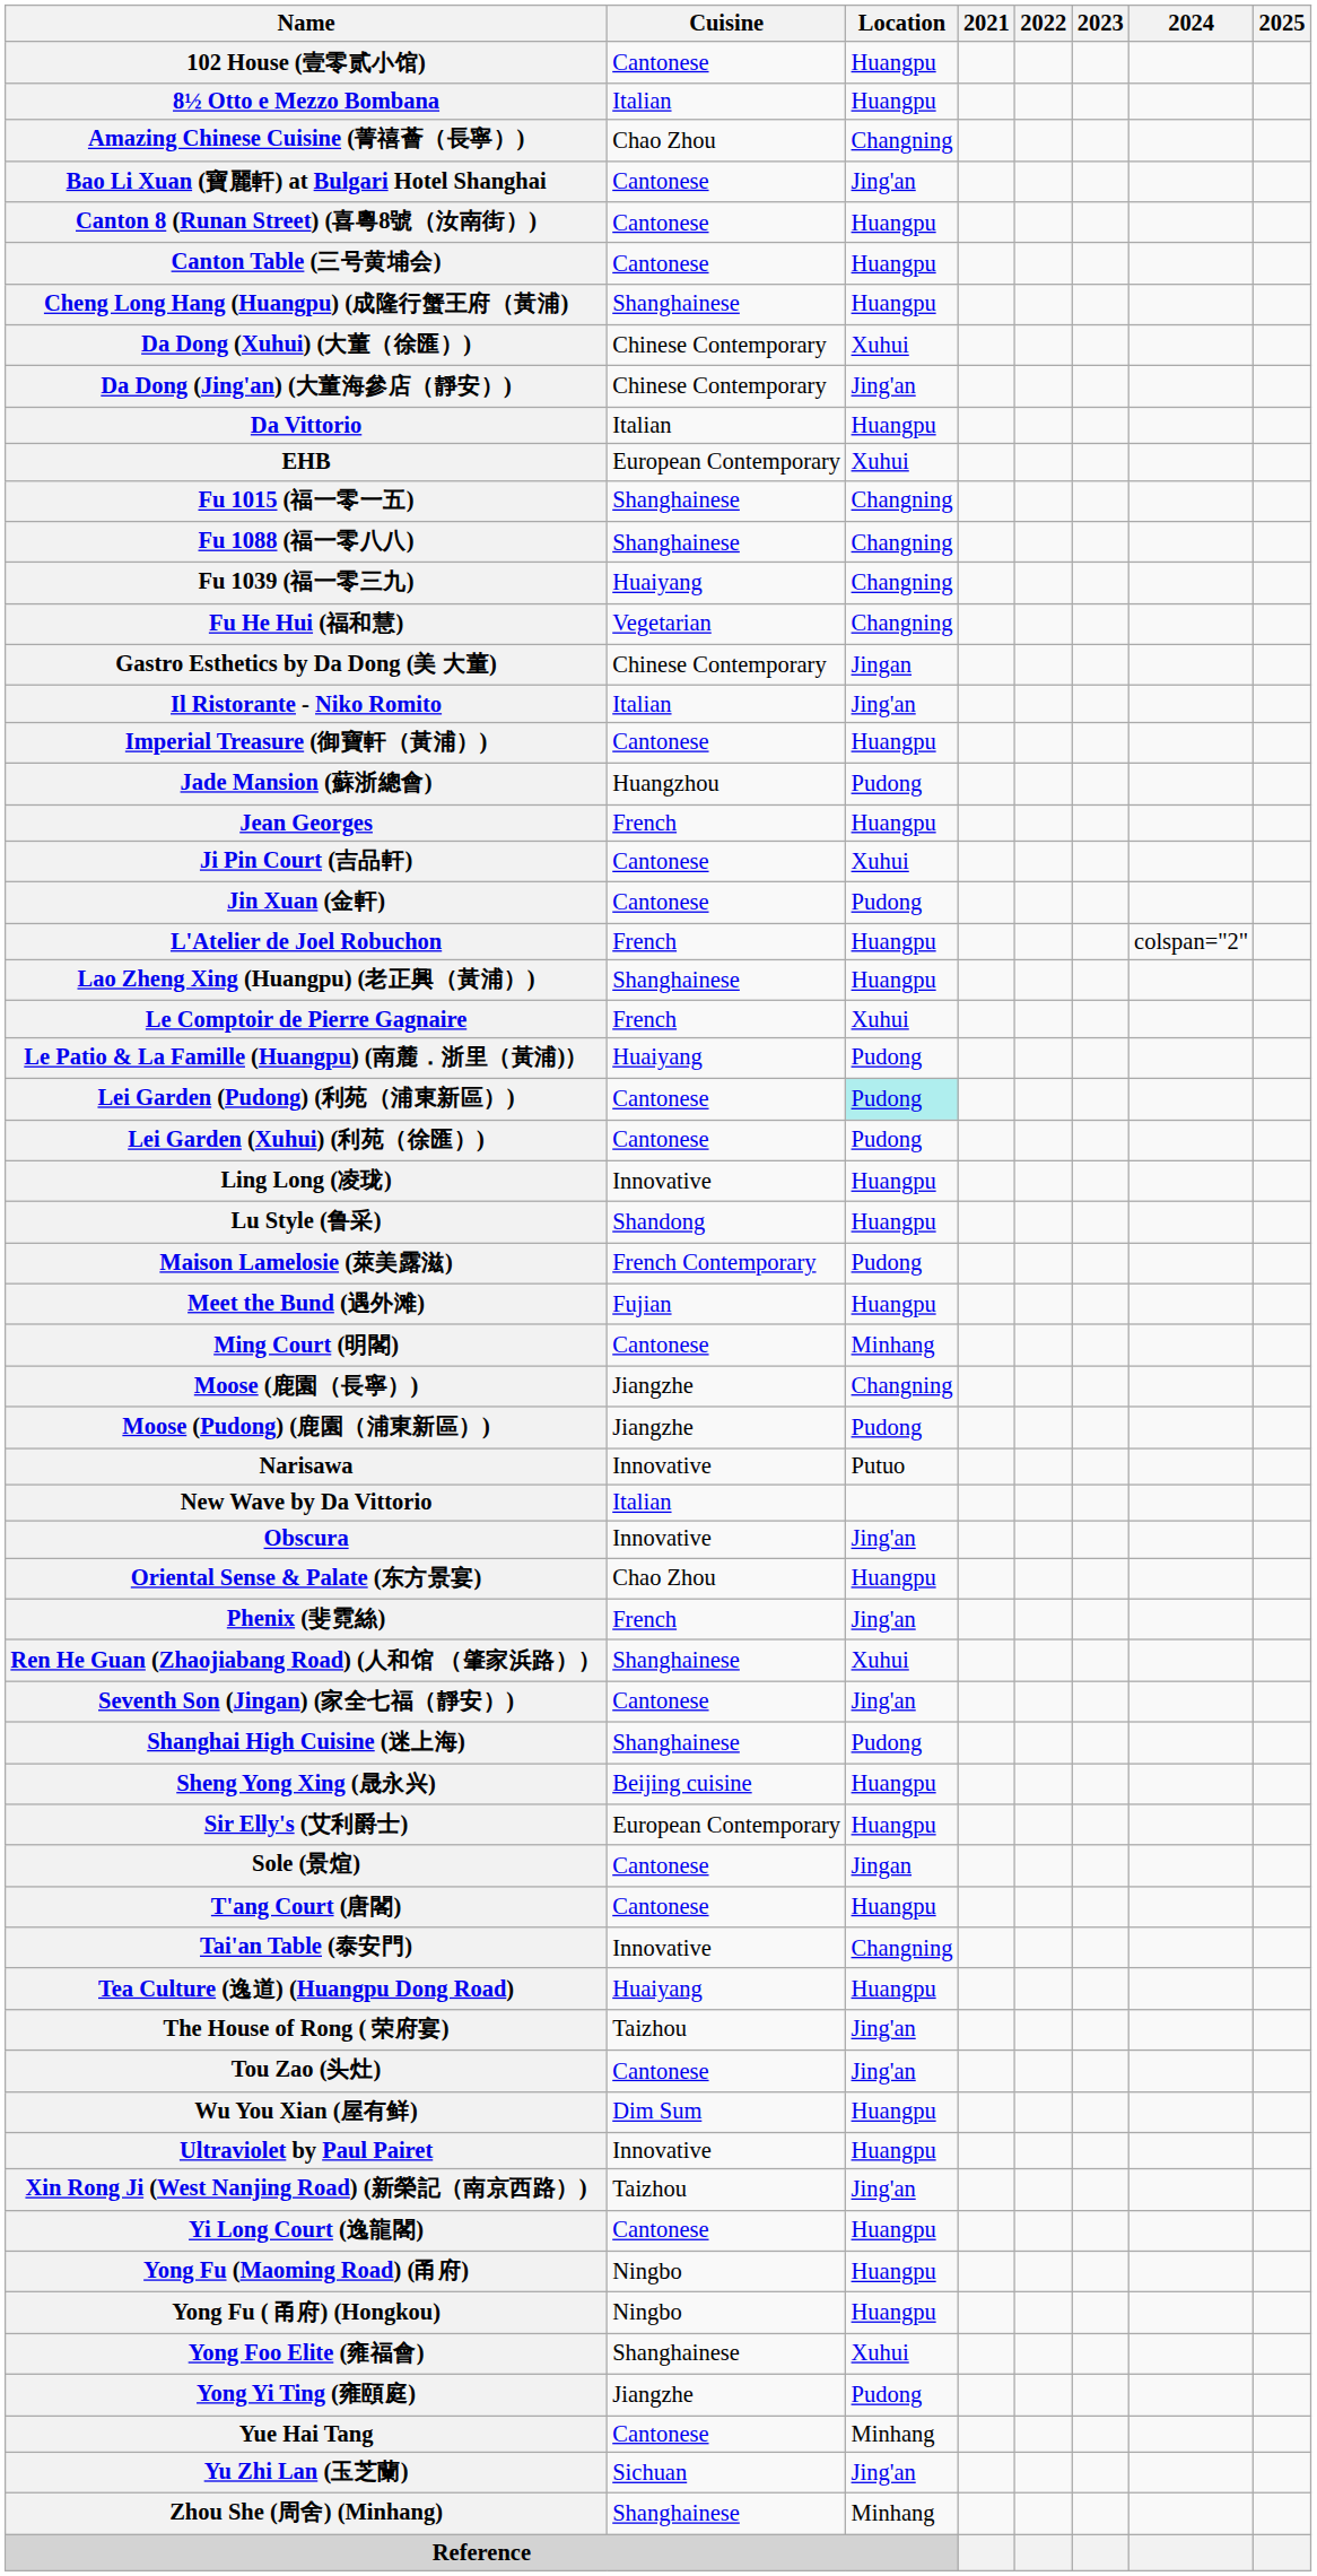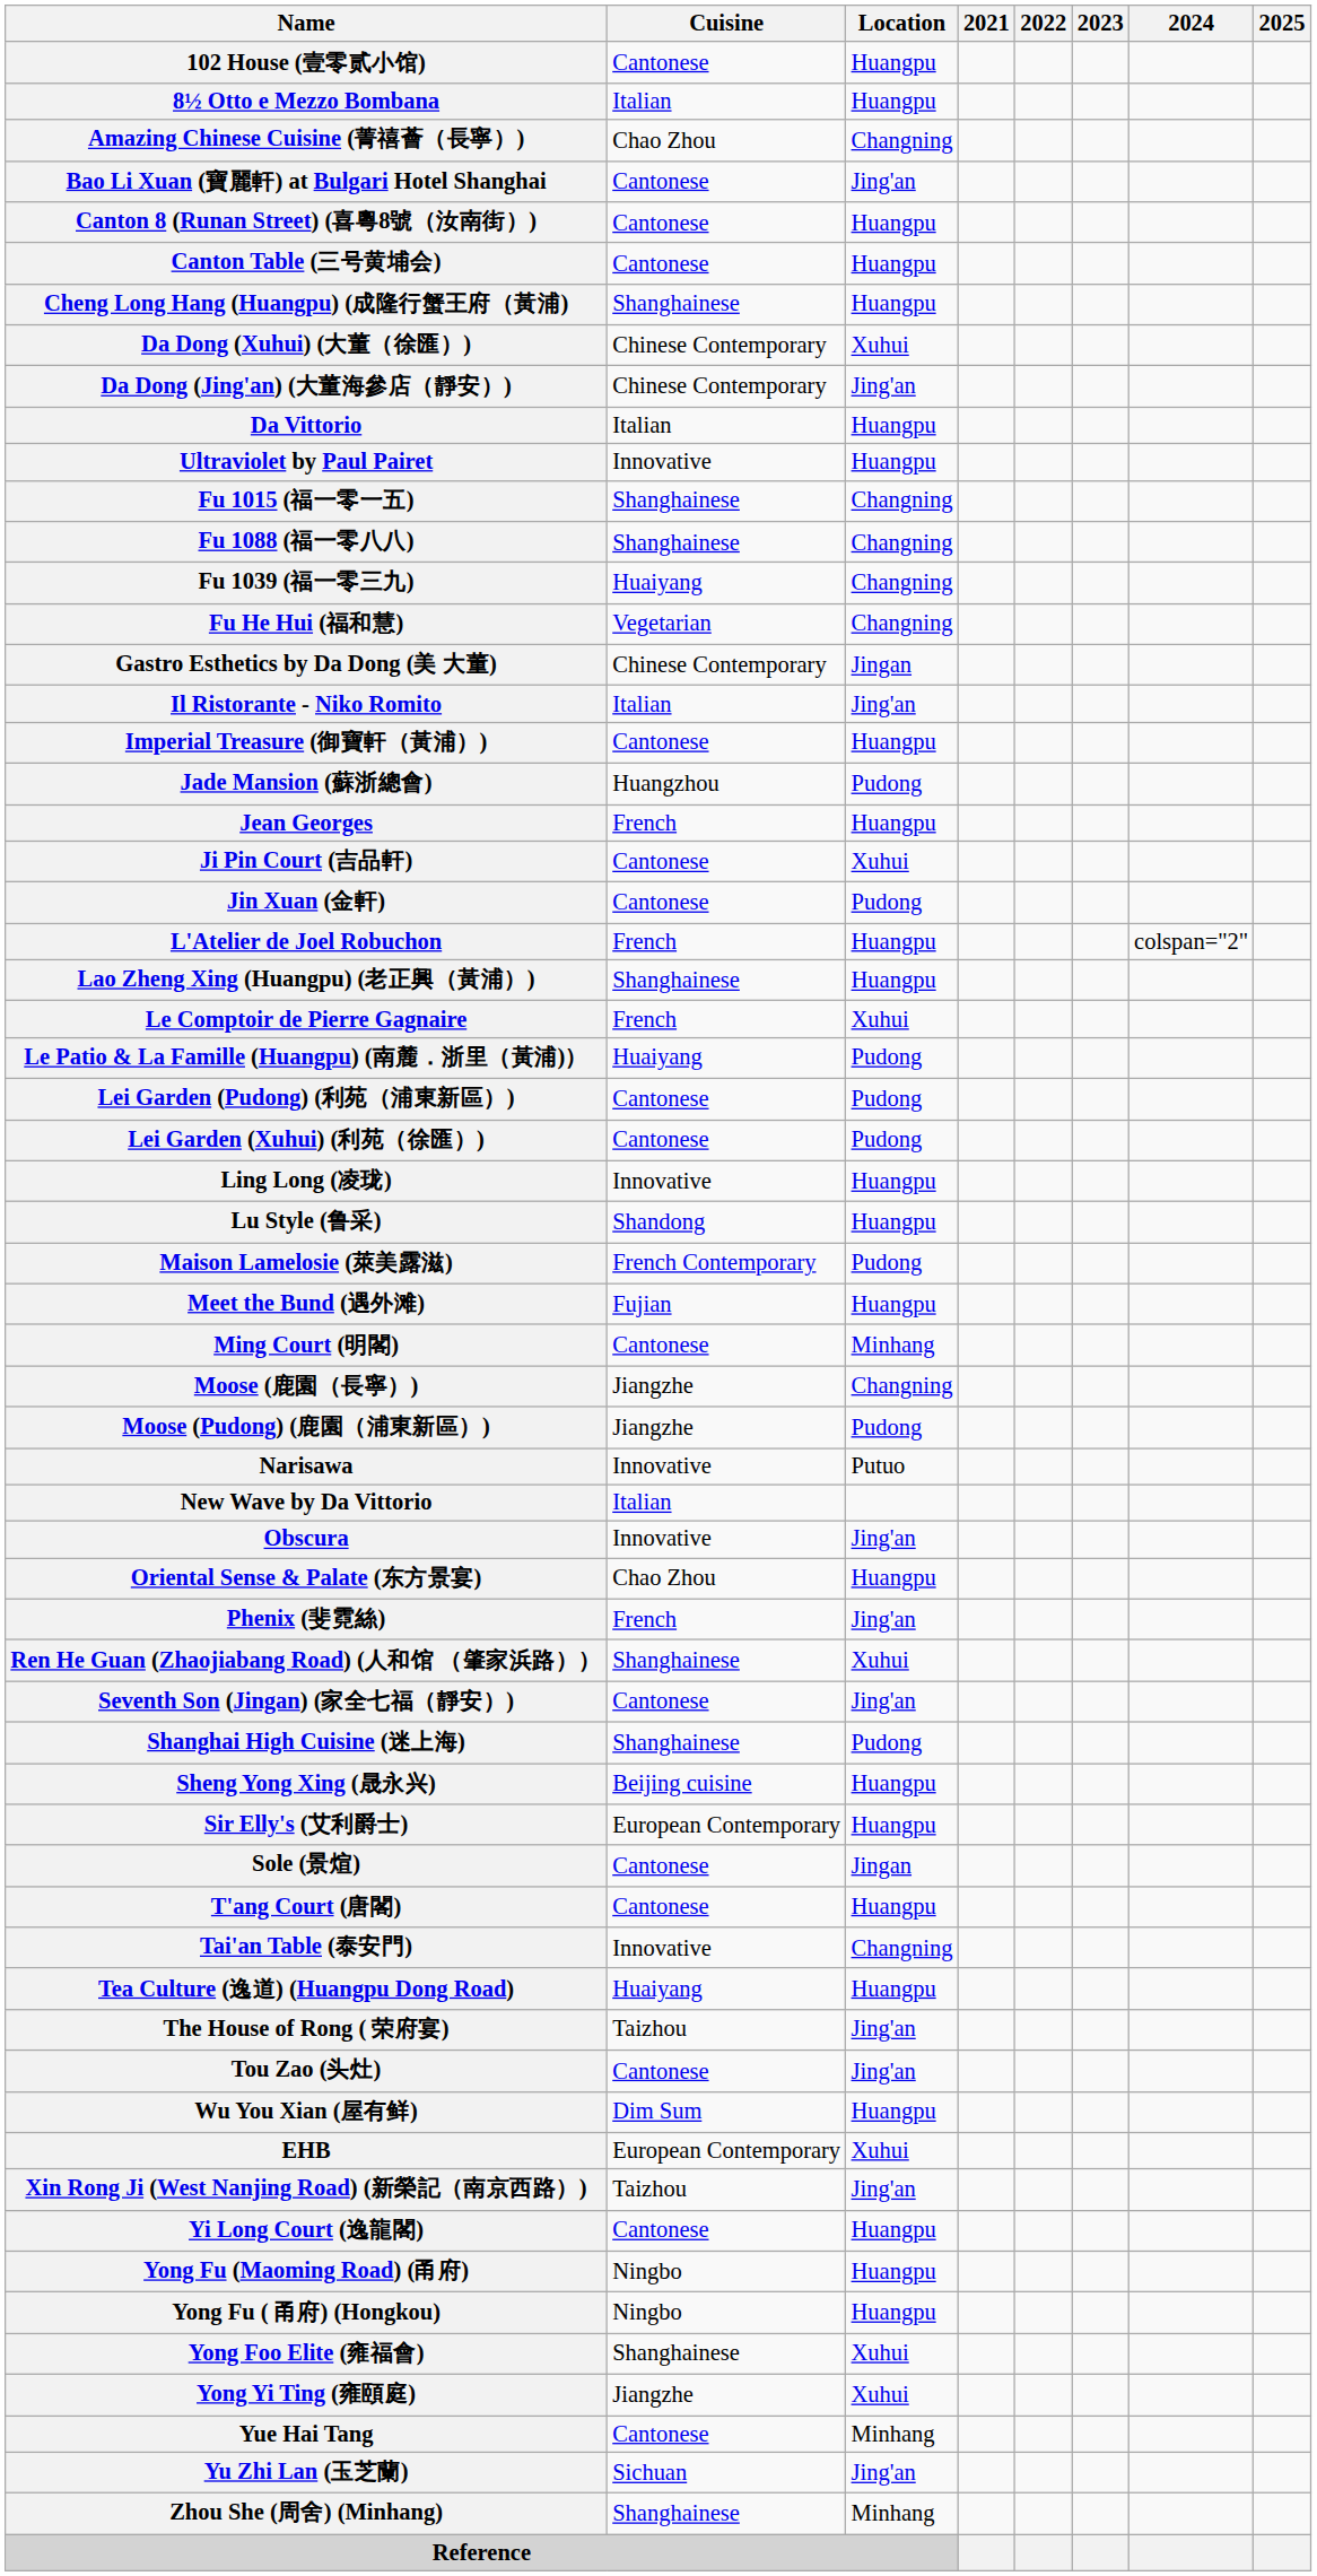 <table class="wikitable sortable plainrowheaders" style="text-align:left;"">
 <tr>
 <th scope="col">Name</th>
 <th scope="col">Cuisine</th>
 <th scope="col">Location</th>
 <th scope="col">2021</th>
 <th scope="col">2022</th>
 <th scope="col">2023</th>
 <th scope="col">2024</th>
 <th scope="col">2025</th>
 </tr>
 <tr>
 <th scope="row">102 House (壹零贰小馆)</th>
 <td><a href='#'>Cantonese</a></td>
 <td><a href='#'>Huangpu</a></td>
 <td></td>
 <td></td>
 <td></td>
 <td></td>
 <td></td>
 </tr>
 <tr>
 <th scope="row"><a href='#'>8½ Otto e Mezzo Bombana</a></th>
 <td><a href='#'>Italian</a></td>
 <td><a href='#'>Huangpu</a></td>
 <td></td>
 <td></td>
 <td></td>
 <td></td>
 <td></td>
 </tr>
 <tr>
 <th scope="row"><a href='#'>Amazing Chinese Cuisine</a>  (菁禧薈（長寧）)</th>
 <td>Chao Zhou</td>
 <td><a href='#'>Changning</a></td>
 <td></td>
 <td></td>
 <td></td>
 <td></td>
 <td></td>
 </tr>
 <tr>
 <th scope="row"><a href='#'>Bao Li Xuan</a> (寶麗軒) at <a href='#'>Bulgari</a> Hotel Shanghai</th>
 <td><a href='#'>Cantonese</a></td>
 <td><a href='#'>Jing'an</a></td>
 <td></td>
 <td></td>
 <td></td>
 <td></td>
 <td></td>
 </tr>
 <tr>
 <th scope="row"><a href='#'>Canton 8</a> (<a href='#'>Runan Street</a>) (喜粵8號（汝南街）)</th>
 <td><a href='#'>Cantonese</a></td>
 <td><a href='#'>Huangpu</a></td>
 <td></td>
 <td></td>
 <td></td>
 <td></td>
 <td></td>
 </tr>
 <tr>
 <th scope="row"><a href='#'>Canton Table</a> (三号黄埔会)</th>
 <td><a href='#'>Cantonese</a></td>
 <td><a href='#'>Huangpu</a></td>
 <td></td>
 <td></td>
 <td></td>
 <td></td>
 <td></td>
 </tr>
 <tr>
 <th scope="row"><a href='#'>Cheng Long Hang</a> (<a href='#'>Huangpu</a>) (成隆行蟹王府（黃浦)</th>
 <td><a href='#'>Shanghainese</a></td>
 <td><a href='#'>Huangpu</a></td>
 <td></td>
 <td></td>
 <td></td>
 <td></td>
 <td></td>
 </tr>
 <tr>
 <th scope="row"><a href='#'>Da Dong</a> (<a href='#'>Xuhui</a>) (大董（徐匯）)</th>
 <td>Chinese Contemporary</td>
 <td><a href='#'>Xuhui</a></td>
 <td></td>
 <td></td>
 <td></td>
 <td></td>
 <td></td>
 </tr>
 <tr>
 <th scope="row"><a href='#'>Da Dong</a> (<a href='#'>Jing'an</a>) (大董海參店（靜安）)</th>
 <td>Chinese Contemporary</td>
 <td><a href='#'>Jing'an</a></td>
 <td></td>
 <td></td>
 <td></td>
 <td></td>
 <td></td>
 </tr>
 <tr>
 <th scope="row"><a href='#'>Da Vittorio</a></th>
 <td>Italian</td>
 <td><a href='#'>Huangpu</a></td>
 <td></td>
 <td></td>
 <td></td>
 <td></td>
 <td></td>
 </tr>
 <tr>
-<th scope="row">EHB</th>
-<td>European Contemporary</td>
-<td><a href='#'>Xuhui</a></td>
+<th scope="row"><a href='#'>Ultraviolet</a> by <a href='#'>Paul Pairet</a></th>
+<td>Innovative</td>
+<td><a href='#'>Huangpu</a></td>
 <td></td>
 <td></td>
 <td></td>
 <td></td>
 <td></td>
 </tr>
 <tr>
 <th scope="row"><a href='#'>Fu 1015</a> (福一零一五)</th>
 <td><a href='#'>Shanghainese</a></td>
 <td><a href='#'>Changning</a></td>
 <td></td>
 <td></td>
 <td></td>
 <td></td>
 <td></td>
 </tr>
 <tr>
 <th scope="row"><a href='#'>Fu 1088</a> (福一零八八)</th>
 <td><a href='#'>Shanghainese</a></td>
 <td><a href='#'>Changning</a></td>
 <td></td>
 <td></td>
 <td></td>
 <td></td>
 <td></td>
 </tr>
 <tr>
 <th scope="row">Fu 1039 (福一零三九)</th>
 <td><a href='#'>Huaiyang</a></td>
 <td><a href='#'>Changning</a></td>
 <td></td>
 <td></td>
 <td></td>
 <td></td>
 <td></td>
 </tr>
 <tr>
 <th scope="row"><a href='#'>Fu He Hui</a> (福和慧)</th>
 <td><a href='#'>Vegetarian</a></td>
 <td><a href='#'>Changning</a></td>
 <td></td>
 <td></td>
 <td></td>
 <td></td>
 <td></td>
 </tr>
 <tr>
 <th scope="row">Gastro Esthetics by Da Dong (美 大董)</th>
 <td>Chinese Contemporary</td>
 <td><a href='#'>Jingan</a></td>
 <td></td>
 <td></td>
 <td></td>
 <td></td>
 <td></td>
 </tr>
 <tr>
 <th scope="row"><a href='#'>Il Ristorante</a> - <a href='#'>Niko Romito</a></th>
 <td><a href='#'>Italian</a></td>
 <td><a href='#'>Jing'an</a></td>
 <td></td>
 <td></td>
 <td></td>
 <td></td>
 <td></td>
 </tr>
 <tr>
 <th scope="row"><a href='#'>Imperial Treasure</a> (御寶軒（黃浦）)</th>
 <td><a href='#'>Cantonese</a></td>
 <td><a href='#'>Huangpu</a></td>
 <td></td>
 <td></td>
 <td></td>
 <td></td>
 <td></td>
 </tr>
 <tr>
 <th scope="row"><a href='#'>Jade Mansion</a> (蘇浙總會)</th>
 <td>Huangzhou</td>
 <td><a href='#'>Pudong</a></td>
 <td></td>
 <td></td>
 <td></td>
 <td></td>
 <td></td>
 </tr>
 <tr>
 <th scope="row"><a href='#'>Jean Georges</a></th>
 <td><a href='#'>French</a></td>
 <td><a href='#'>Huangpu</a></td>
 <td></td>
 <td></td>
 <td></td>
 <td></td>
 <td></td>
 </tr>
 <tr>
 <th scope="row"><a href='#'>Ji Pin Court</a> (吉品軒)</th>
 <td><a href='#'>Cantonese</a></td>
 <td><a href='#'>Xuhui</a></td>
 <td></td>
 <td></td>
 <td></td>
 <td></td>
 <td></td>
 </tr>
 <tr>
 <th scope="row"><a href='#'>Jin Xuan</a> (金軒)</th>
 <td><a href='#'>Cantonese</a></td>
 <td><a href='#'>Pudong</a></td>
 <td></td>
 <td></td>
 <td></td>
 <td></td>
 <td></td>
 </tr>
 <tr>
 <th scope="row"><a href='#'>L'Atelier de Joel Robuchon</a></th>
 <td><a href='#'>French</a></td>
 <td><a href='#'>Huangpu</a></td>
 <td></td>
 <td></td>
 <td></td>
 <td>colspan="2"</td>
 </tr>
 <tr>
 <th scope="row"><a href='#'>Lao Zheng Xing</a> (Huangpu) (老正興（黃浦）)</th>
 <td><a href='#'>Shanghainese</a></td>
 <td><a href='#'>Huangpu</a></td>
 <td></td>
 <td></td>
 <td></td>
 <td></td>
 <td></td>
 </tr>
 <tr>
 <th scope="row"><a href='#'>Le Comptoir de Pierre Gagnaire</a></th>
 <td><a href='#'>French</a></td>
 <td><a href='#'>Xuhui</a></td>
 <td></td>
 <td></td>
 <td></td>
 <td></td>
 <td></td>
 </tr>
 <tr>
 <th scope="row"><a href='#'>Le Patio & La Famille</a> (<a href='#'>Huangpu</a>) (南麓．浙里（黃浦)）</th>
 <td><a href='#'>Huaiyang</a></td>
 <td><a href='#'>Pudong</a></td>
 <td></td>
 <td></td>
 <td></td>
 <td></td>
 <td></td>
 </tr>
 <tr>
 <th scope="row"><a href='#'>Lei Garden</a> (<a href='#'>Pudong</a>) (利苑（浦東新區）)</th>
 <td><a href='#'>Cantonese</a></td>
-<td style="background: paleturquoise;"><a href='#'>Pudong</a></td>
+<td><a href='#'>Pudong</a></td>
 <td></td>
 <td></td>
 <td></td>
 <td></td>
 <td></td>
 </tr>
 <tr>
 <th scope="row"><a href='#'>Lei Garden</a> (<a href='#'>Xuhui</a>) (利苑（徐匯）)</th>
 <td><a href='#'>Cantonese</a></td>
 <td><a href='#'>Pudong</a></td>
 <td></td>
 <td></td>
 <td></td>
 <td></td>
 <td></td>
 </tr>
 <tr>
 <th scope="row">Ling Long (凌珑)</th>
 <td>Innovative</td>
 <td><a href='#'>Huangpu</a></td>
 <td></td>
 <td></td>
 <td></td>
 <td></td>
 <td></td>
 </tr>
 <tr>
 <th scope="row">Lu Style (鲁采)</th>
 <td><a href='#'>Shandong</a></td>
 <td><a href='#'>Huangpu</a></td>
 <td></td>
 <td></td>
 <td></td>
 <td></td>
 <td></td>
 </tr>
 <tr>
 <th scope="row"><a href='#'>Maison Lamelosie</a> (萊美露滋)</th>
 <td><a href='#'>French Contemporary</a></td>
 <td><a href='#'>Pudong</a></td>
 <td></td>
 <td></td>
 <td></td>
 <td></td>
 <td></td>
 </tr>
 <tr>
 <th scope="row"><a href='#'>Meet the Bund</a> (遇外滩)</th>
 <td><a href='#'>Fujian</a></td>
 <td><a href='#'>Huangpu</a></td>
 <td></td>
 <td></td>
 <td></td>
 <td></td>
 <td></td>
 </tr>
 <tr>
 <th scope="row"><a href='#'>Ming Court</a> (明閣)</th>
 <td><a href='#'>Cantonese</a></td>
 <td><a href='#'>Minhang</a></td>
 <td></td>
 <td></td>
 <td></td>
 <td></td>
 <td></td>
 </tr>
 <tr>
 <th scope="row"><a href='#'>Moose</a> (鹿園（長寧）)</th>
 <td>Jiangzhe</td>
 <td><a href='#'>Changning</a></td>
 <td></td>
 <td></td>
 <td></td>
 <td></td>
 <td></td>
 </tr>
 <tr>
 <th scope="row"><a href='#'>Moose</a> (<a href='#'>Pudong</a>) (鹿園（浦東新區）)</th>
 <td>Jiangzhe</td>
 <td><a href='#'>Pudong</a></td>
 <td></td>
 <td></td>
 <td></td>
 <td></td>
 <td></td>
 </tr>
 <tr>
 <th scope="row">Narisawa</th>
 <td>Innovative</td>
 <td>Putuo</td>
 <td></td>
 <td></td>
 <td></td>
 <td></td>
 <td></td>
 </tr>
 <tr>
 <th scope="row">New Wave by Da Vittorio</th>
 <td><a href='#'>Italian</a></td>
 <td></td>
 <td></td>
 <td></td>
 <td></td>
 <td></td>
 <td></td>
 </tr>
 <tr>
 <th scope="row"><a href='#'>Obscura</a></th>
 <td>Innovative</td>
 <td><a href='#'>Jing'an</a></td>
 <td></td>
 <td></td>
 <td></td>
 <td></td>
 <td></td>
 </tr>
 <tr>
 <th scope="row"><a href='#'>Oriental Sense & Palate</a> (东方景宴)</th>
 <td>Chao Zhou</td>
 <td><a href='#'>Huangpu</a></td>
 <td></td>
 <td></td>
 <td></td>
 <td></td>
 <td></td>
 </tr>
 <tr>
 <th scope="row"><a href='#'>Phenix</a> (斐霓絲)</th>
 <td><a href='#'>French</a></td>
 <td><a href='#'>Jing'an</a></td>
 <td></td>
 <td></td>
 <td></td>
 <td></td>
 <td></td>
 </tr>
 <tr>
 <th scope="row"><a href='#'>Ren He Guan</a> (<a href='#'>Zhaojiabang Road</a>) (人和馆 （肇家浜路））</th>
 <td><a href='#'>Shanghainese</a></td>
 <td><a href='#'>Xuhui</a></td>
 <td></td>
 <td></td>
 <td></td>
 <td></td>
 <td></td>
 </tr>
 <tr>
 <th scope="row"><a href='#'>Seventh Son</a> (<a href='#'>Jingan</a>) (家全七福（靜安）)</th>
 <td><a href='#'>Cantonese</a></td>
 <td><a href='#'>Jing'an</a></td>
 <td></td>
 <td></td>
 <td></td>
 <td></td>
 <td></td>
 </tr>
 <tr>
 <th scope="row"><a href='#'>Shanghai High Cuisine</a> (迷上海)</th>
 <td><a href='#'>Shanghainese</a></td>
 <td><a href='#'>Pudong</a></td>
 <td></td>
 <td></td>
 <td></td>
 <td></td>
 <td></td>
 </tr>
 <tr>
 <th scope="row"><a href='#'>Sheng Yong Xing</a> (晟永兴)</th>
 <td><a href='#'>Beijing cuisine</a></td>
 <td><a href='#'>Huangpu</a></td>
 <td></td>
 <td></td>
 <td></td>
 <td></td>
 <td></td>
 </tr>
 <tr>
 <th scope="row"><a href='#'>Sir Elly's</a> (艾利爵士)</th>
 <td>European Contemporary</td>
 <td><a href='#'>Huangpu</a></td>
 <td></td>
 <td></td>
 <td></td>
 <td></td>
 <td></td>
 </tr>
 <tr>
 <th scope="row">Sole (景煊)</th>
 <td><a href='#'>Cantonese</a></td>
 <td><a href='#'>Jingan</a></td>
 <td></td>
 <td></td>
 <td></td>
 <td></td>
 <td></td>
 </tr>
 <tr>
 <th scope="row"><a href='#'>T'ang Court</a> (唐閣)</th>
 <td><a href='#'>Cantonese</a></td>
 <td><a href='#'>Huangpu</a></td>
 <td></td>
 <td></td>
 <td></td>
 <td></td>
 <td></td>
 </tr>
 <tr>
 <th scope="row"><a href='#'>Tai'an Table</a> (泰安門)</th>
 <td>Innovative</td>
 <td><a href='#'>Changning</a></td>
 <td></td>
 <td></td>
 <td></td>
 <td></td>
 <td></td>
 </tr>
 <tr>
 <th scope="row"><a href='#'>Tea Culture</a> (逸道) (<a href='#'>Huangpu Dong Road</a>)</th>
 <td><a href='#'>Huaiyang</a></td>
 <td><a href='#'>Huangpu</a></td>
 <td></td>
 <td></td>
 <td></td>
 <td></td>
 <td></td>
 </tr>
 <tr>
 <th scope="row">The House of Rong ( 荣府宴)</th>
 <td>Taizhou</td>
 <td><a href='#'>Jing'an</a></td>
 <td></td>
 <td></td>
 <td></td>
 <td></td>
 <td></td>
 </tr>
 <tr>
 <th scope="row">Tou Zao (头灶)</th>
 <td><a href='#'>Cantonese</a></td>
 <td><a href='#'>Jing'an</a></td>
 <td></td>
 <td></td>
 <td></td>
 <td></td>
 <td></td>
 </tr>
 <tr>
 <th scope="row">Wu You Xian (屋有鲜)</th>
 <td><a href='#'>Dim Sum</a></td>
 <td><a href='#'>Huangpu</a></td>
 <td></td>
 <td></td>
 <td></td>
 <td></td>
 <td></td>
 </tr>
 <tr>
-<th scope="row"><a href='#'>Ultraviolet</a> by <a href='#'>Paul Pairet</a></th>
-<td>Innovative</td>
-<td><a href='#'>Huangpu</a></td>
+<th scope="row">EHB</th>
+<td>European Contemporary</td>
+<td><a href='#'>Xuhui</a></td>
 <td></td>
 <td></td>
 <td></td>
 <td></td>
 <td></td>
 </tr>
 <tr>
 <th scope="row"><a href='#'>Xin Rong Ji</a> (<a href='#'>West Nanjing Road</a>) (新榮記（南京西路）)</th>
 <td>Taizhou</td>
 <td><a href='#'>Jing'an</a></td>
 <td></td>
 <td></td>
 <td></td>
 <td></td>
 <td></td>
 </tr>
 <tr>
 <th scope="row"><a href='#'>Yi Long Court</a> (逸龍閣)</th>
 <td><a href='#'>Cantonese</a></td>
 <td><a href='#'>Huangpu</a></td>
 <td></td>
 <td></td>
 <td></td>
 <td></td>
 <td></td>
 </tr>
 <tr>
 <th scope="row"><a href='#'>Yong Fu</a> (<a href='#'>Maoming Road</a>) (甬府)</th>
 <td>Ningbo</td>
 <td><a href='#'>Huangpu</a></td>
 <td></td>
 <td></td>
 <td></td>
 <td></td>
 <td></td>
 </tr>
 <tr>
 <th scope="row">Yong Fu ( 甬府) (Hongkou)</th>
 <td>Ningbo</td>
 <td><a href='#'>Huangpu</a></td>
 <td></td>
 <td></td>
 <td></td>
 <td></td>
 <td></td>
 </tr>
 <tr>
 <th scope="row"><a href='#'>Yong Foo Elite</a> (雍福會)</th>
 <td>Shanghainese</td>
 <td><a href='#'>Xuhui</a></td>
 <td></td>
 <td></td>
 <td></td>
 <td></td>
 <td></td>
 </tr>
 <tr>
 <th scope="row"><a href='#'>Yong Yi Ting</a> (雍頤庭)</th>
 <td>Jiangzhe</td>
-<td><a href='#'>Pudong</a></td>
+<td><a href='#'>Xuhui</a></td>
 <td></td>
 <td></td>
 <td></td>
 <td></td>
 <td></td>
 </tr>
 <tr>
 <th scope="row">Yue Hai Tang</th>
 <td><a href='#'>Cantonese</a></td>
 <td>Minhang</td>
 <td></td>
 <td></td>
 <td></td>
 <td></td>
 <td></td>
 </tr>
 <tr>
 <th scope="row"><a href='#'>Yu Zhi Lan</a> (玉芝蘭)</th>
 <td><a href='#'>Sichuan</a></td>
 <td><a href='#'>Jing'an</a></td>
 <td></td>
 <td></td>
 <td></td>
 <td></td>
 <td></td>
 </tr>
 <tr>
 <th scope="row">Zhou She (周舍) (Minhang)</th>
 <td><a href='#'>Shanghainese</a></td>
 <td>Minhang</td>
 <td></td>
 <td></td>
 <td></td>
 <td></td>
 <td></td>
 </tr>
 <tr>
 <th colspan="3" style="text-align: center;background: lightgray;">Reference</th>
 <th></th>
 <th></th>
 <th></th>
 <th></th>
 <th></th>
 </tr>
 </table>
